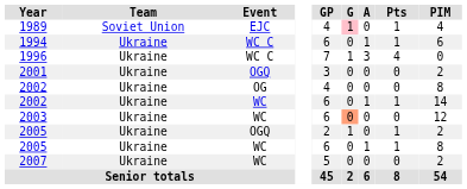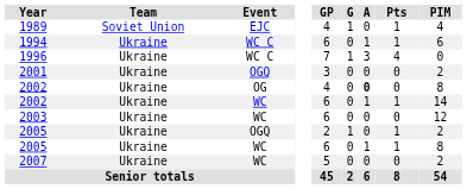 <table border="0" cellpadding="1" cellspacing="0" style="text-align:center; width:40em">
 <tr ALIGN="center" bgcolor="#e0e0e0">
 <th>Year</th>
 <th>Team</th>
 <th>Event</th>
 <th ALIGN="center" rowspan="99" bgcolor="#ffffff"> </th>
 <th>GP</th>
 <th>G</th>
 <th>A</th>
 <th>Pts</th>
 <th>PIM</th>
 </tr>
 <tr>
 <td><a href='#'>1989</a></td>
 <td><a href='#'>Soviet Union</a></td>
 <td><a href='#'>EJC</a></td>
 <td>4</td>
-<td style="background: pink;">1</td>
+<td>1</td>
 <td>0</td>
 <td>1</td>
 <td>4</td>
 </tr>
 <tr bgcolor="#f0f0f0">
 <td><a href='#'>1994</a></td>
 <td><a href='#'>Ukraine</a></td>
 <td><a href='#'>WC C</a></td>
 <td>6</td>
 <td>0</td>
 <td>1</td>
 <td>1</td>
 <td>6</td>
 </tr>
 <tr>
 <td><a href='#'>1996</a></td>
 <td>Ukraine</td>
 <td>WC C</td>
 <td>7</td>
 <td>1</td>
 <td>3</td>
 <td>4</td>
 <td>0</td>
 </tr>
 <tr bgcolor="#f0f0f0">
 <td><a href='#'>2001</a></td>
 <td>Ukraine</td>
 <td><a href='#'>OGQ</a></td>
 <td>3</td>
 <td>0</td>
 <td>0</td>
 <td>0</td>
 <td>2</td>
 </tr>
 <tr>
 <td><a href='#'>2002</a></td>
 <td>Ukraine</td>
 <td>OG</td>
 <td>4</td>
 <td>0</td>
-<td>0</td>
+<td><strong>0</strong></td>
 <td>0</td>
 <td>8</td>
 </tr>
 <tr bgcolor="#f0f0f0">
 <td><a href='#'>2002</a></td>
 <td>Ukraine</td>
 <td><a href='#'>WC</a></td>
 <td>6</td>
 <td>0</td>
 <td>1</td>
 <td>1</td>
 <td>14</td>
 </tr>
 <tr>
 <td><a href='#'>2003</a></td>
 <td>Ukraine</td>
 <td>WC</td>
 <td>6</td>
-<td style="background: lightsalmon;">0</td>
+<td>0</td>
 <td>0</td>
 <td>0</td>
 <td>12</td>
 </tr>
 <tr bgcolor="#f0f0f0">
 <td><a href='#'>2005</a></td>
 <td>Ukraine</td>
 <td>OGQ</td>
 <td>2</td>
 <td>1</td>
 <td>0</td>
 <td>1</td>
 <td>2</td>
 </tr>
 <tr>
 <td><a href='#'>2005</a></td>
 <td>Ukraine</td>
 <td>WC</td>
 <td>6</td>
 <td>0</td>
 <td>1</td>
 <td>1</td>
 <td>8</td>
 </tr>
 <tr bgcolor="#f0f0f0">
 <td><a href='#'>2007</a></td>
 <td>Ukraine</td>
 <td>WC</td>
 <td>5</td>
 <td>0</td>
 <td>0</td>
 <td>0</td>
 <td>2</td>
 </tr>
 <tr bgcolor="#e0e0e0">
 <th colspan="3">Senior totals</th>
 <th>45</th>
 <th>2</th>
 <th>6</th>
 <th>8</th>
 <th>54</th>
 </tr>
 </table>
